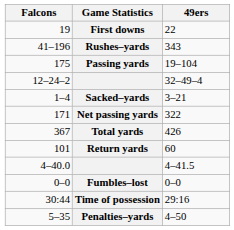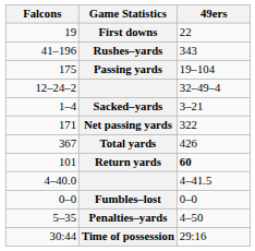 <table class="wikitable" style="margin: 1em auto 1em auto">
 <tr>
 <th style="width:30%;">Falcons</th>
 <th style="width:40%;">Game Statistics</th>
 <th style="width:30%;">49ers</th>
 </tr>
 <tr>
 <td style="text-align:right;">19</td>
 <th>First downs</th>
 <td>22</td>
 </tr>
 <tr>
 <td style="text-align:right;">41–196</td>
 <th>Rushes–yards</th>
 <td>343</td>
 </tr>
 <tr>
 <td style="text-align:right;">175</td>
 <th>Passing yards</th>
 <td>19–104</td>
 </tr>
 <tr>
 <td style="text-align:right;">12–24–2</td>
 <th></th>
 <td>32–49–4</td>
 </tr>
 <tr>
 <td style="text-align:right;">1–4</td>
 <th>Sacked–yards</th>
 <td>3–21</td>
 </tr>
 <tr>
 <td style="text-align:right;">171</td>
 <th>Net passing yards</th>
 <td>322</td>
 </tr>
 <tr>
 <td style="text-align:right;">367</td>
 <th>Total yards</th>
 <td>426</td>
 </tr>
 <tr>
 <td style="text-align:right;">101</td>
 <th>Return yards</th>
-<td>60</td>
+<td><strong>60</strong></td>
 </tr>
 <tr>
 <td style="text-align:right;">4–40.0</td>
 <th></th>
 <td>4–41.5</td>
 </tr>
 <tr>
 <td style="text-align:right;">0–0</td>
 <th>Fumbles–lost</th>
 <td>0–0</td>
 </tr>
 <tr>
+<td style="text-align:right;">5–35</td>
+<th>Penalties–yards</th>
+<td>4–50</td>
+</tr>
+<tr>
 <td style="text-align:right;">30:44</td>
 <th>Time of possession</th>
 <td>29:16</td>
 </tr>
-<tr>
-<td style="text-align:right;">5–35</td>
-<th>Penalties–yards</th>
-<td>4–50</td>
-</tr>
 </table>
